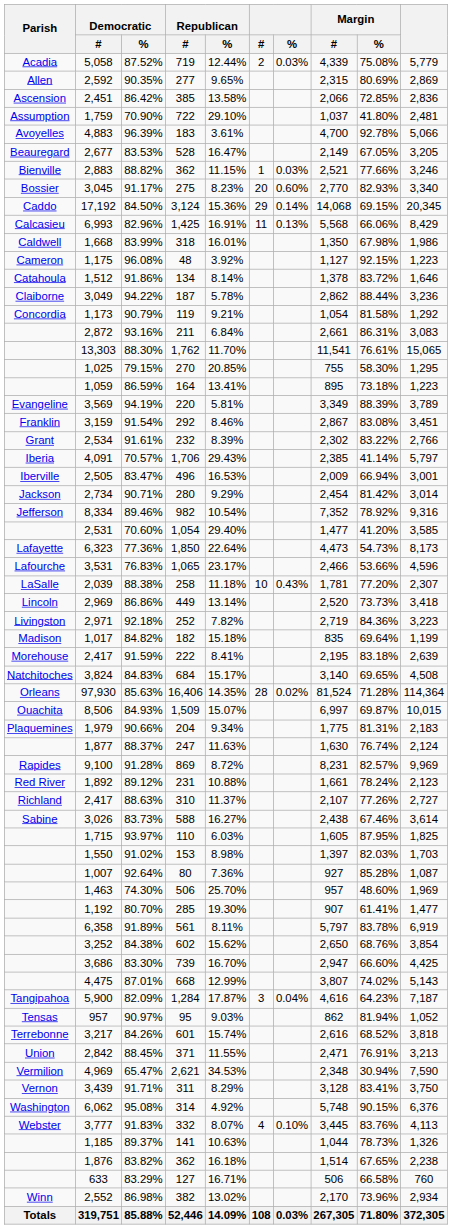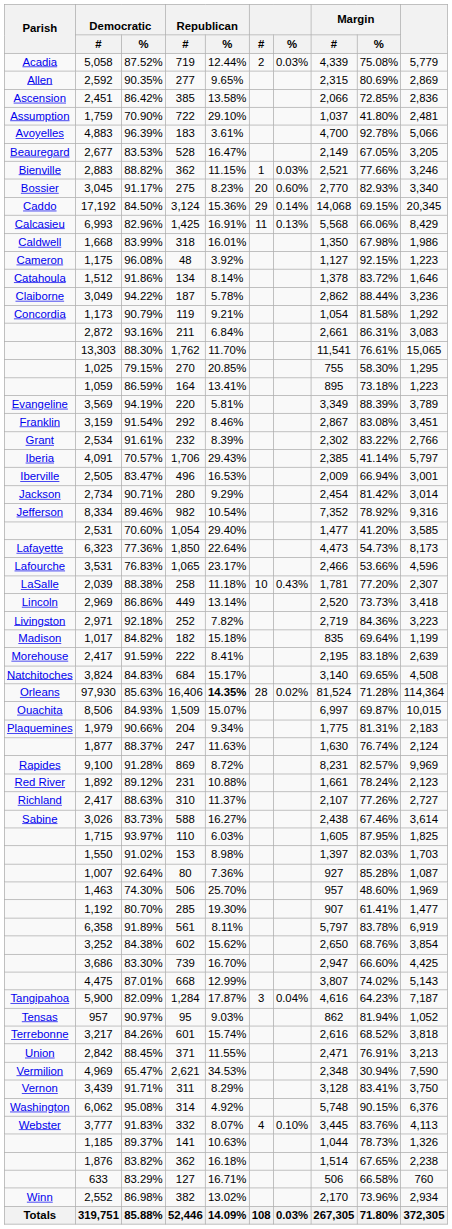 <table class="wikitable sortable mw-collapsible mw-collapsed">
 <tr>
 <th rowspan="2">Parish</th>
 <th colspan="2"><br>Democratic</th>
 <th colspan="2"><br>Republican</th>
 <th colspan="2"><br></th>
 <th colspan="2">Margin</th>
 <th rowspan="2"></th>
 </tr>
 <tr style="text-align:center;">
 <th data-sort-type="number">#</th>
 <th data-sort-type="number">%</th>
 <th data-sort-type="number">#</th>
 <th data-sort-type="number">%</th>
 <th data-sort-type="number">#</th>
 <th data-sort-type="number">%</th>
 <th data-sort-type="number">#</th>
 <th data-sort-type="number">%</th>
 </tr>
 <tr style="text-align:center;">
 <td><a href='#'>Acadia</a></td>
 <td>5,058</td>
 <td>87.52%</td>
 <td>719</td>
 <td>12.44%</td>
 <td>2</td>
 <td>0.03%</td>
 <td>4,339</td>
 <td>75.08%</td>
 <td>5,779</td>
 </tr>
 <tr style="text-align:center;">
 <td><a href='#'>Allen</a></td>
 <td>2,592</td>
 <td>90.35%</td>
 <td>277</td>
 <td>9.65%</td>
 <td></td>
 <td></td>
 <td>2,315</td>
 <td>80.69%</td>
 <td>2,869</td>
 </tr>
 <tr style="text-align:center;">
 <td><a href='#'>Ascension</a></td>
 <td>2,451</td>
 <td>86.42%</td>
 <td>385</td>
 <td>13.58%</td>
 <td></td>
 <td></td>
 <td>2,066</td>
 <td>72.85%</td>
 <td>2,836</td>
 </tr>
 <tr style="text-align:center;">
 <td><a href='#'>Assumption</a></td>
 <td>1,759</td>
 <td>70.90%</td>
 <td>722</td>
 <td>29.10%</td>
 <td></td>
 <td></td>
 <td>1,037</td>
 <td>41.80%</td>
 <td>2,481</td>
 </tr>
 <tr style="text-align:center;">
 <td><a href='#'>Avoyelles</a></td>
 <td>4,883</td>
 <td>96.39%</td>
 <td>183</td>
 <td>3.61%</td>
 <td></td>
 <td></td>
 <td>4,700</td>
 <td>92.78%</td>
 <td>5,066</td>
 </tr>
 <tr style="text-align:center;">
 <td><a href='#'>Beauregard</a></td>
 <td>2,677</td>
 <td>83.53%</td>
 <td>528</td>
 <td>16.47%</td>
 <td></td>
 <td></td>
 <td>2,149</td>
 <td>67.05%</td>
 <td>3,205</td>
 </tr>
 <tr style="text-align:center;">
 <td><a href='#'>Bienville</a></td>
 <td>2,883</td>
 <td>88.82%</td>
 <td>362</td>
 <td>11.15%</td>
 <td>1</td>
 <td>0.03%</td>
 <td>2,521</td>
 <td>77.66%</td>
 <td>3,246</td>
 </tr>
 <tr style="text-align:center;">
 <td><a href='#'>Bossier</a></td>
 <td>3,045</td>
 <td>91.17%</td>
 <td>275</td>
 <td>8.23%</td>
 <td>20</td>
 <td>0.60%</td>
 <td>2,770</td>
 <td>82.93%</td>
 <td>3,340</td>
 </tr>
 <tr style="text-align:center;">
 <td><a href='#'>Caddo</a></td>
 <td>17,192</td>
 <td>84.50%</td>
 <td>3,124</td>
 <td>15.36%</td>
 <td>29</td>
 <td>0.14%</td>
 <td>14,068</td>
 <td>69.15%</td>
 <td>20,345</td>
 </tr>
 <tr style="text-align:center;">
 <td><a href='#'>Calcasieu</a></td>
 <td>6,993</td>
 <td>82.96%</td>
 <td>1,425</td>
 <td>16.91%</td>
 <td>11</td>
 <td>0.13%</td>
 <td>5,568</td>
 <td>66.06%</td>
 <td>8,429</td>
 </tr>
 <tr style="text-align:center;">
 <td><a href='#'>Caldwell</a></td>
 <td>1,668</td>
 <td>83.99%</td>
 <td>318</td>
 <td>16.01%</td>
 <td></td>
 <td></td>
 <td>1,350</td>
 <td>67.98%</td>
 <td>1,986</td>
 </tr>
 <tr style="text-align:center;">
 <td><a href='#'>Cameron</a></td>
 <td>1,175</td>
 <td>96.08%</td>
 <td>48</td>
 <td>3.92%</td>
 <td></td>
 <td></td>
 <td>1,127</td>
 <td>92.15%</td>
 <td>1,223</td>
 </tr>
 <tr style="text-align:center;">
 <td><a href='#'>Catahoula</a></td>
 <td>1,512</td>
 <td>91.86%</td>
 <td>134</td>
 <td>8.14%</td>
 <td></td>
 <td></td>
 <td>1,378</td>
 <td>83.72%</td>
 <td>1,646</td>
 </tr>
 <tr style="text-align:center;">
 <td><a href='#'>Claiborne</a></td>
 <td>3,049</td>
 <td>94.22%</td>
 <td>187</td>
 <td>5.78%</td>
 <td></td>
 <td></td>
 <td>2,862</td>
 <td>88.44%</td>
 <td>3,236</td>
 </tr>
 <tr style="text-align:center;">
 <td><a href='#'>Concordia</a></td>
 <td>1,173</td>
 <td>90.79%</td>
 <td>119</td>
 <td>9.21%</td>
 <td></td>
 <td></td>
 <td>1,054</td>
 <td>81.58%</td>
 <td>1,292</td>
 </tr>
 <tr style="text-align:center;">
 <td></td>
 <td>2,872</td>
 <td>93.16%</td>
 <td>211</td>
 <td>6.84%</td>
 <td></td>
 <td></td>
 <td>2,661</td>
 <td>86.31%</td>
 <td>3,083</td>
 </tr>
 <tr style="text-align:center;">
 <td></td>
 <td>13,303</td>
 <td>88.30%</td>
 <td>1,762</td>
 <td>11.70%</td>
 <td></td>
 <td></td>
 <td>11,541</td>
 <td>76.61%</td>
 <td>15,065</td>
 </tr>
 <tr style="text-align:center;">
 <td></td>
 <td>1,025</td>
 <td>79.15%</td>
 <td>270</td>
 <td>20.85%</td>
 <td></td>
 <td></td>
 <td>755</td>
 <td>58.30%</td>
 <td>1,295</td>
 </tr>
 <tr style="text-align:center;">
 <td></td>
 <td>1,059</td>
 <td>86.59%</td>
 <td>164</td>
 <td>13.41%</td>
 <td></td>
 <td></td>
 <td>895</td>
 <td>73.18%</td>
 <td>1,223</td>
 </tr>
 <tr style="text-align:center;">
 <td><a href='#'>Evangeline</a></td>
 <td>3,569</td>
 <td>94.19%</td>
 <td>220</td>
 <td>5.81%</td>
 <td></td>
 <td></td>
 <td>3,349</td>
 <td>88.39%</td>
 <td>3,789</td>
 </tr>
 <tr style="text-align:center;">
 <td><a href='#'>Franklin</a></td>
 <td>3,159</td>
 <td>91.54%</td>
 <td>292</td>
 <td>8.46%</td>
 <td></td>
 <td></td>
 <td>2,867</td>
 <td>83.08%</td>
 <td>3,451</td>
 </tr>
 <tr style="text-align:center;">
 <td><a href='#'>Grant</a></td>
 <td>2,534</td>
 <td>91.61%</td>
 <td>232</td>
 <td>8.39%</td>
 <td></td>
 <td></td>
 <td>2,302</td>
 <td>83.22%</td>
 <td>2,766</td>
 </tr>
 <tr style="text-align:center;">
 <td><a href='#'>Iberia</a></td>
 <td>4,091</td>
 <td>70.57%</td>
 <td>1,706</td>
 <td>29.43%</td>
 <td></td>
 <td></td>
 <td>2,385</td>
 <td>41.14%</td>
 <td>5,797</td>
 </tr>
 <tr style="text-align:center;">
 <td><a href='#'>Iberville</a></td>
 <td>2,505</td>
 <td>83.47%</td>
 <td>496</td>
 <td>16.53%</td>
 <td></td>
 <td></td>
 <td>2,009</td>
 <td>66.94%</td>
 <td>3,001</td>
 </tr>
 <tr style="text-align:center;">
 <td><a href='#'>Jackson</a></td>
 <td>2,734</td>
 <td>90.71%</td>
 <td>280</td>
 <td>9.29%</td>
 <td></td>
 <td></td>
 <td>2,454</td>
 <td>81.42%</td>
 <td>3,014</td>
 </tr>
 <tr style="text-align:center;">
 <td><a href='#'>Jefferson</a></td>
 <td>8,334</td>
 <td>89.46%</td>
 <td>982</td>
 <td>10.54%</td>
 <td></td>
 <td></td>
 <td>7,352</td>
 <td>78.92%</td>
 <td>9,316</td>
 </tr>
 <tr style="text-align:center;">
 <td></td>
 <td>2,531</td>
 <td>70.60%</td>
 <td>1,054</td>
 <td>29.40%</td>
 <td></td>
 <td></td>
 <td>1,477</td>
 <td>41.20%</td>
 <td>3,585</td>
 </tr>
 <tr style="text-align:center;">
 <td><a href='#'>Lafayette</a></td>
 <td>6,323</td>
 <td>77.36%</td>
 <td>1,850</td>
 <td>22.64%</td>
 <td></td>
 <td></td>
 <td>4,473</td>
 <td>54.73%</td>
 <td>8,173</td>
 </tr>
 <tr style="text-align:center;">
 <td><a href='#'>Lafourche</a></td>
 <td>3,531</td>
 <td>76.83%</td>
 <td>1,065</td>
 <td>23.17%</td>
 <td></td>
 <td></td>
 <td>2,466</td>
 <td>53.66%</td>
 <td>4,596</td>
 </tr>
 <tr style="text-align:center;">
 <td><a href='#'>LaSalle</a></td>
 <td>2,039</td>
 <td>88.38%</td>
 <td>258</td>
 <td>11.18%</td>
 <td>10</td>
 <td>0.43%</td>
 <td>1,781</td>
 <td>77.20%</td>
 <td>2,307</td>
 </tr>
 <tr style="text-align:center;">
 <td><a href='#'>Lincoln</a></td>
 <td>2,969</td>
 <td>86.86%</td>
 <td>449</td>
 <td>13.14%</td>
 <td></td>
 <td></td>
 <td>2,520</td>
 <td>73.73%</td>
 <td>3,418</td>
 </tr>
 <tr style="text-align:center;">
 <td><a href='#'>Livingston</a></td>
 <td>2,971</td>
 <td>92.18%</td>
 <td>252</td>
 <td>7.82%</td>
 <td></td>
 <td></td>
 <td>2,719</td>
 <td>84.36%</td>
 <td>3,223</td>
 </tr>
 <tr style="text-align:center;">
 <td><a href='#'>Madison</a></td>
 <td>1,017</td>
 <td>84.82%</td>
 <td>182</td>
 <td>15.18%</td>
 <td></td>
 <td></td>
 <td>835</td>
 <td>69.64%</td>
 <td>1,199</td>
 </tr>
 <tr style="text-align:center;">
 <td><a href='#'>Morehouse</a></td>
 <td>2,417</td>
 <td>91.59%</td>
 <td>222</td>
 <td>8.41%</td>
 <td></td>
 <td></td>
 <td>2,195</td>
 <td>83.18%</td>
 <td>2,639</td>
 </tr>
 <tr style="text-align:center;">
 <td><a href='#'>Natchitoches</a></td>
 <td>3,824</td>
 <td>84.83%</td>
 <td>684</td>
 <td>15.17%</td>
 <td></td>
 <td></td>
 <td>3,140</td>
 <td>69.65%</td>
 <td>4,508</td>
 </tr>
 <tr style="text-align:center;">
 <td><a href='#'>Orleans</a></td>
 <td>97,930</td>
 <td>85.63%</td>
 <td>16,406</td>
-<td>14.35%</td>
+<td><strong>14.35%</strong></td>
 <td>28</td>
 <td>0.02%</td>
 <td>81,524</td>
 <td>71.28%</td>
 <td>114,364</td>
 </tr>
 <tr style="text-align:center;">
 <td><a href='#'>Ouachita</a></td>
 <td>8,506</td>
 <td>84.93%</td>
 <td>1,509</td>
 <td>15.07%</td>
 <td></td>
 <td></td>
 <td>6,997</td>
 <td>69.87%</td>
 <td>10,015</td>
 </tr>
 <tr style="text-align:center;">
 <td><a href='#'>Plaquemines</a></td>
 <td>1,979</td>
 <td>90.66%</td>
 <td>204</td>
 <td>9.34%</td>
 <td></td>
 <td></td>
 <td>1,775</td>
 <td>81.31%</td>
 <td>2,183</td>
 </tr>
 <tr style="text-align:center;">
 <td></td>
 <td>1,877</td>
 <td>88.37%</td>
 <td>247</td>
 <td>11.63%</td>
 <td></td>
 <td></td>
 <td>1,630</td>
 <td>76.74%</td>
 <td>2,124</td>
 </tr>
 <tr style="text-align:center;">
 <td><a href='#'>Rapides</a></td>
 <td>9,100</td>
 <td>91.28%</td>
 <td>869</td>
 <td>8.72%</td>
 <td></td>
 <td></td>
 <td>8,231</td>
 <td>82.57%</td>
 <td>9,969</td>
 </tr>
 <tr style="text-align:center;">
 <td><a href='#'>Red River</a></td>
 <td>1,892</td>
 <td>89.12%</td>
 <td>231</td>
 <td>10.88%</td>
 <td></td>
 <td></td>
 <td>1,661</td>
 <td>78.24%</td>
 <td>2,123</td>
 </tr>
 <tr style="text-align:center;">
 <td><a href='#'>Richland</a></td>
 <td>2,417</td>
 <td>88.63%</td>
 <td>310</td>
 <td>11.37%</td>
 <td></td>
 <td></td>
 <td>2,107</td>
 <td>77.26%</td>
 <td>2,727</td>
 </tr>
 <tr style="text-align:center;">
 <td><a href='#'>Sabine</a></td>
 <td>3,026</td>
 <td>83.73%</td>
 <td>588</td>
 <td>16.27%</td>
 <td></td>
 <td></td>
 <td>2,438</td>
 <td>67.46%</td>
 <td>3,614</td>
 </tr>
 <tr style="text-align:center;">
 <td></td>
 <td>1,715</td>
 <td>93.97%</td>
 <td>110</td>
 <td>6.03%</td>
 <td></td>
 <td></td>
 <td>1,605</td>
 <td>87.95%</td>
 <td>1,825</td>
 </tr>
 <tr style="text-align:center;">
 <td></td>
 <td>1,550</td>
 <td>91.02%</td>
 <td>153</td>
 <td>8.98%</td>
 <td></td>
 <td></td>
 <td>1,397</td>
 <td>82.03%</td>
 <td>1,703</td>
 </tr>
 <tr style="text-align:center;">
 <td></td>
 <td>1,007</td>
 <td>92.64%</td>
 <td>80</td>
 <td>7.36%</td>
 <td></td>
 <td></td>
 <td>927</td>
 <td>85.28%</td>
 <td>1,087</td>
 </tr>
 <tr style="text-align:center;">
 <td></td>
 <td>1,463</td>
 <td>74.30%</td>
 <td>506</td>
 <td>25.70%</td>
 <td></td>
 <td></td>
 <td>957</td>
 <td>48.60%</td>
 <td>1,969</td>
 </tr>
 <tr style="text-align:center;">
 <td></td>
 <td>1,192</td>
 <td>80.70%</td>
 <td>285</td>
 <td>19.30%</td>
 <td></td>
 <td></td>
 <td>907</td>
 <td>61.41%</td>
 <td>1,477</td>
 </tr>
 <tr style="text-align:center;">
 <td></td>
 <td>6,358</td>
 <td>91.89%</td>
 <td>561</td>
 <td>8.11%</td>
 <td></td>
 <td></td>
 <td>5,797</td>
 <td>83.78%</td>
 <td>6,919</td>
 </tr>
 <tr style="text-align:center;">
 <td></td>
 <td>3,252</td>
 <td>84.38%</td>
 <td>602</td>
 <td>15.62%</td>
 <td></td>
 <td></td>
 <td>2,650</td>
 <td>68.76%</td>
 <td>3,854</td>
 </tr>
 <tr style="text-align:center;">
 <td></td>
 <td>3,686</td>
 <td>83.30%</td>
 <td>739</td>
 <td>16.70%</td>
 <td></td>
 <td></td>
 <td>2,947</td>
 <td>66.60%</td>
 <td>4,425</td>
 </tr>
 <tr style="text-align:center;">
 <td></td>
 <td>4,475</td>
 <td>87.01%</td>
 <td>668</td>
 <td>12.99%</td>
 <td></td>
 <td></td>
 <td>3,807</td>
 <td>74.02%</td>
 <td>5,143</td>
 </tr>
 <tr style="text-align:center;">
 <td><a href='#'>Tangipahoa</a></td>
 <td>5,900</td>
 <td>82.09%</td>
 <td>1,284</td>
 <td>17.87%</td>
 <td>3</td>
 <td>0.04%</td>
 <td>4,616</td>
 <td>64.23%</td>
 <td>7,187</td>
 </tr>
 <tr style="text-align:center;">
 <td><a href='#'>Tensas</a></td>
 <td>957</td>
 <td>90.97%</td>
 <td>95</td>
 <td>9.03%</td>
 <td></td>
 <td></td>
 <td>862</td>
 <td>81.94%</td>
 <td>1,052</td>
 </tr>
 <tr style="text-align:center;">
 <td><a href='#'>Terrebonne</a></td>
 <td>3,217</td>
 <td>84.26%</td>
 <td>601</td>
 <td>15.74%</td>
 <td></td>
 <td></td>
 <td>2,616</td>
 <td>68.52%</td>
 <td>3,818</td>
 </tr>
 <tr style="text-align:center;">
 <td><a href='#'>Union</a></td>
 <td>2,842</td>
 <td>88.45%</td>
 <td>371</td>
 <td>11.55%</td>
 <td></td>
 <td></td>
 <td>2,471</td>
 <td>76.91%</td>
 <td>3,213</td>
 </tr>
 <tr style="text-align:center;">
 <td><a href='#'>Vermilion</a></td>
 <td>4,969</td>
 <td>65.47%</td>
 <td>2,621</td>
 <td>34.53%</td>
 <td></td>
 <td></td>
 <td>2,348</td>
 <td>30.94%</td>
 <td>7,590</td>
 </tr>
 <tr style="text-align:center;">
 <td><a href='#'>Vernon</a></td>
 <td>3,439</td>
 <td>91.71%</td>
 <td>311</td>
 <td>8.29%</td>
 <td></td>
 <td></td>
 <td>3,128</td>
 <td>83.41%</td>
 <td>3,750</td>
 </tr>
 <tr style="text-align:center;">
 <td><a href='#'>Washington</a></td>
 <td>6,062</td>
 <td>95.08%</td>
 <td>314</td>
 <td>4.92%</td>
 <td></td>
 <td></td>
 <td>5,748</td>
 <td>90.15%</td>
 <td>6,376</td>
 </tr>
 <tr style="text-align:center;">
 <td><a href='#'>Webster</a></td>
 <td>3,777</td>
 <td>91.83%</td>
 <td>332</td>
 <td>8.07%</td>
 <td>4</td>
 <td>0.10%</td>
 <td>3,445</td>
 <td>83.76%</td>
 <td>4,113</td>
 </tr>
 <tr style="text-align:center;">
 <td></td>
 <td>1,185</td>
 <td>89.37%</td>
 <td>141</td>
 <td>10.63%</td>
 <td></td>
 <td></td>
 <td>1,044</td>
 <td>78.73%</td>
 <td>1,326</td>
 </tr>
 <tr style="text-align:center;">
 <td></td>
 <td>1,876</td>
 <td>83.82%</td>
 <td>362</td>
 <td>16.18%</td>
 <td></td>
 <td></td>
 <td>1,514</td>
 <td>67.65%</td>
 <td>2,238</td>
 </tr>
 <tr style="text-align:center;">
 <td></td>
 <td>633</td>
 <td>83.29%</td>
 <td>127</td>
 <td>16.71%</td>
 <td></td>
 <td></td>
 <td>506</td>
 <td>66.58%</td>
 <td>760</td>
 </tr>
 <tr style="text-align:center;">
 <td><a href='#'>Winn</a></td>
 <td>2,552</td>
 <td>86.98%</td>
 <td>382</td>
 <td>13.02%</td>
 <td></td>
 <td></td>
 <td>2,170</td>
 <td>73.96%</td>
 <td>2,934</td>
 </tr>
 <tr style="text-align:center;">
 <th>Totals</th>
 <th>319,751</th>
 <th>85.88%</th>
 <th>52,446</th>
 <th>14.09%</th>
 <th>108</th>
 <th>0.03%</th>
 <th>267,305</th>
 <th>71.80%</th>
 <th>372,305</th>
 </tr>
 </table>
